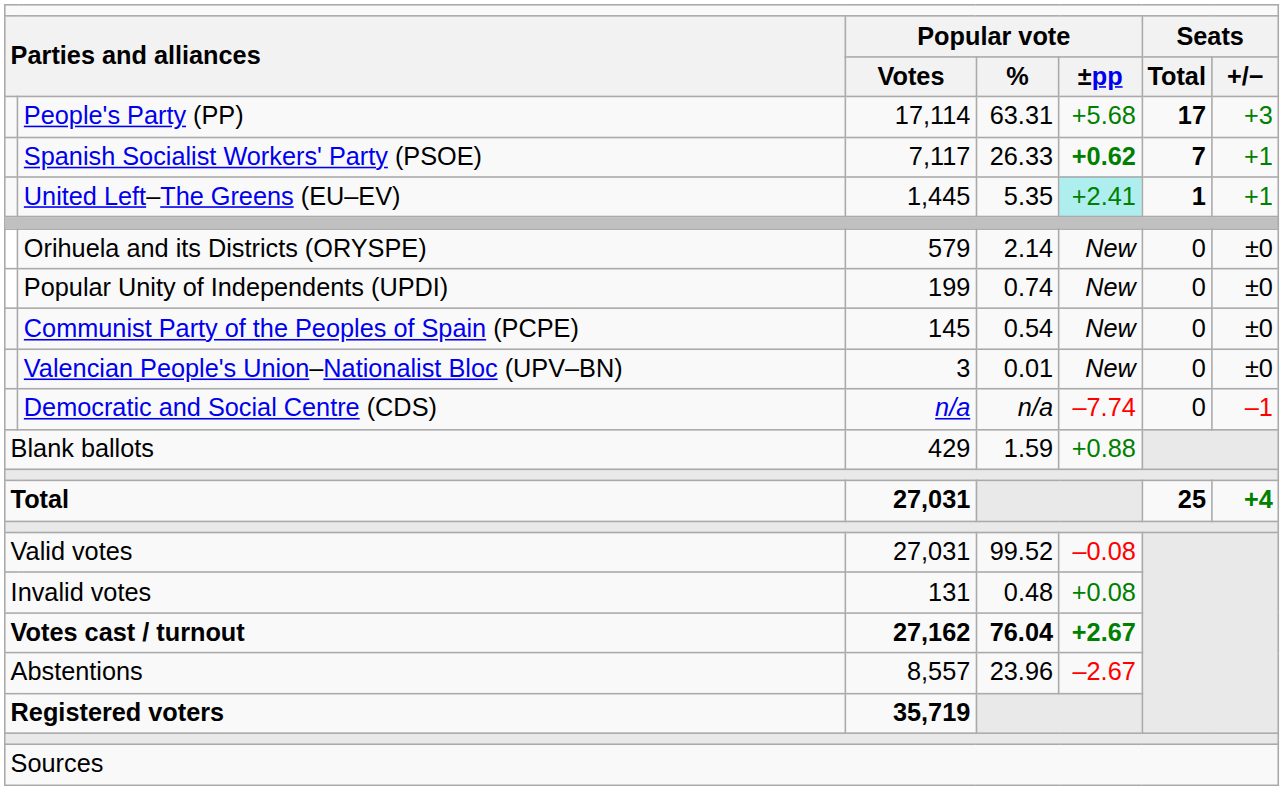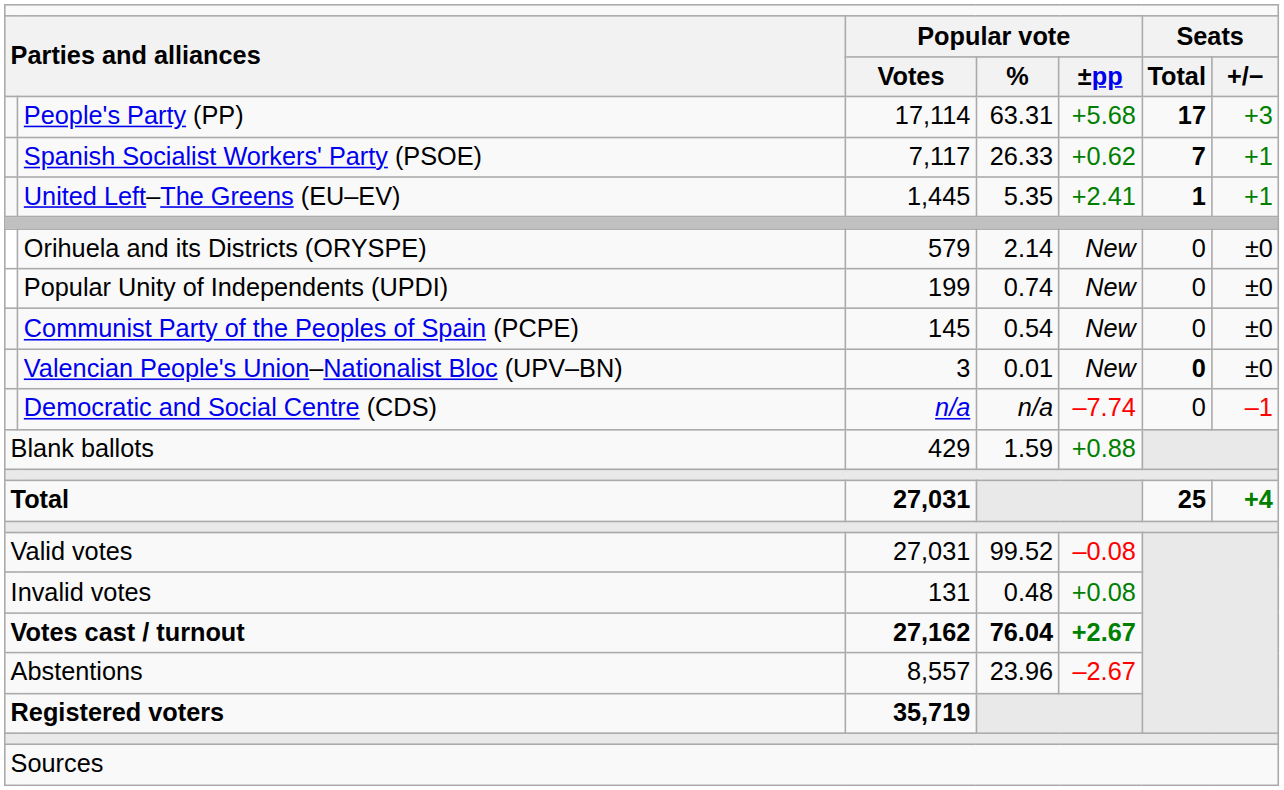 <table class="wikitable" style="text-align:right;">
 <tr>
 <td colspan="7"></td>
 </tr>
 <tr>
 <th style="text-align:left;" rowspan="2" colspan="2" width="525">Parties and alliances</th>
 <th colspan="3">Popular vote</th>
 <th colspan="2">Seats</th>
 </tr>
 <tr>
 <th width="75">Votes</th>
 <th width="45">%</th>
 <th width="45">±<a href='#'>pp</a></th>
 <th width="35">Total</th>
 <th width="35">+/−</th>
 </tr>
 <tr>
 <td width="1" style="color:inherit;background:"></td>
 <td align="left"><a href='#'>People's Party</a> (PP)</td>
 <td>17,114</td>
 <td>63.31</td>
 <td style="color:green;">+5.68</td>
 <td><strong>17</strong></td>
 <td style="color:green;">+3</td>
 </tr>
 <tr>
 <td style="color:inherit;background:"></td>
 <td align="left"><a href='#'>Spanish Socialist Workers' Party</a> (PSOE)</td>
 <td>7,117</td>
 <td>26.33</td>
-<td style="color:green;"><strong>+0.62</strong></td>
+<td style="color:green;">+0.62</td>
 <td><strong>7</strong></td>
 <td style="color:green;">+1</td>
 </tr>
 <tr>
 <td style="color:inherit;background:"></td>
 <td align="left"><a href='#'>United Left</a>–<a href='#'>The Greens</a> (EU–EV)</td>
 <td>1,445</td>
 <td>5.35</td>
-<td style="background: paleturquoise; color:green;">+2.41</td>
+<td style="color:green;">+2.41</td>
 <td><strong>1</strong></td>
 <td style="color:green;">+1</td>
 </tr>
 <tr>
 <td colspan="7" bgcolor="#C0C0C0"></td>
 </tr>
 <tr>
 <td bgcolor="white"></td>
 <td align="left">Orihuela and its Districts (ORYSPE)</td>
 <td>579</td>
 <td>2.14</td>
 <td><em>New</em></td>
 <td>0</td>
 <td>±0</td>
 </tr>
 <tr>
 <td bgcolor="white"></td>
 <td align="left">Popular Unity of Independents (UPDI)</td>
 <td>199</td>
 <td>0.74</td>
 <td><em>New</em></td>
 <td>0</td>
 <td>±0</td>
 </tr>
 <tr>
 <td style="color:inherit;background:"></td>
 <td align="left"><a href='#'>Communist Party of the Peoples of Spain</a> (PCPE)</td>
 <td>145</td>
 <td>0.54</td>
 <td><em>New</em></td>
 <td>0</td>
 <td>±0</td>
 </tr>
 <tr>
 <td style="color:inherit;background:"></td>
 <td align="left"><a href='#'>Valencian People's Union</a>–<a href='#'>Nationalist Bloc</a> (UPV–BN)</td>
 <td>3</td>
 <td>0.01</td>
 <td><em>New</em></td>
-<td>0</td>
+<td><strong>0</strong></td>
 <td>±0</td>
 </tr>
 <tr>
 <td style="color:inherit;background:"></td>
 <td align="left"><a href='#'>Democratic and Social Centre</a> (CDS)</td>
 <td><em><a href='#'>n/a</a></em></td>
 <td><em>n/a</em></td>
 <td style="color:red;">–7.74</td>
 <td>0</td>
 <td style="color:red;">–1</td>
 </tr>
 <tr>
 <td align="left" colspan="2">Blank ballots</td>
 <td>429</td>
 <td>1.59</td>
 <td style="color:green;">+0.88</td>
 <td bgcolor="#E9E9E9" colspan="2"></td>
 </tr>
 <tr>
 <td colspan="7" bgcolor="#E9E9E9"></td>
 </tr>
 <tr style="font-weight:bold;">
 <td align="left" colspan="2">Total</td>
 <td>27,031</td>
 <td bgcolor="#E9E9E9" colspan="2"></td>
 <td>25</td>
 <td style="color:green;">+4</td>
 </tr>
 <tr>
 <td colspan="7" bgcolor="#E9E9E9"></td>
 </tr>
 <tr>
 <td align="left" colspan="2">Valid votes</td>
 <td>27,031</td>
 <td>99.52</td>
 <td style="color:red;">–0.08</td>
 <td bgcolor="#E9E9E9" colspan="2" rowspan="5"></td>
 </tr>
 <tr>
 <td align="left" colspan="2">Invalid votes</td>
 <td>131</td>
 <td>0.48</td>
 <td style="color:green;">+0.08</td>
 </tr>
 <tr style="font-weight:bold;">
 <td align="left" colspan="2">Votes cast / turnout</td>
 <td>27,162</td>
 <td>76.04</td>
 <td style="color:green;">+2.67</td>
 </tr>
 <tr>
 <td align="left" colspan="2">Abstentions</td>
 <td>8,557</td>
 <td>23.96</td>
 <td style="color:red;">–2.67</td>
 </tr>
 <tr style="font-weight:bold;">
 <td align="left" colspan="2">Registered voters</td>
 <td>35,719</td>
 <td bgcolor="#E9E9E9" colspan="2"></td>
 </tr>
 <tr>
 <td colspan="7" bgcolor="#E9E9E9"></td>
 </tr>
 <tr>
 <td align="left" colspan="7">Sources</td>
 </tr>
 </table>
